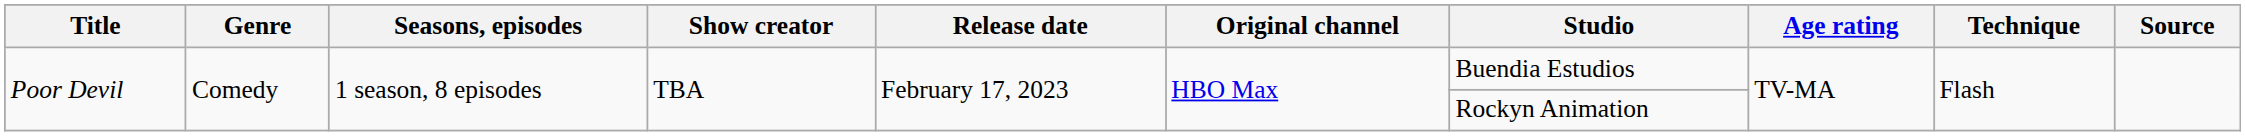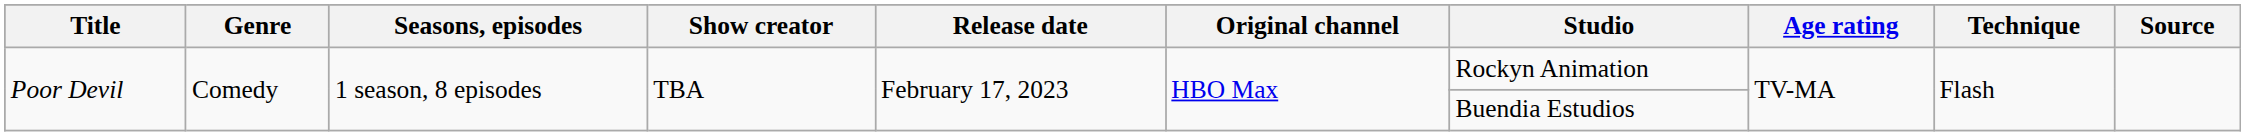 <table class="wikitable sortable" style="text-align: left; font-size:90%; width:100%;">
 <tr>
 <th>Title</th>
 <th>Genre</th>
 <th>Seasons, episodes</th>
 <th>Show creator</th>
 <th>Release date</th>
 <th>Original channel</th>
 <th>Studio</th>
 <th><a href='#'>Age rating</a></th>
 <th>Technique</th>
 <th>Source</th>
 </tr>
 <tr>
 <td rowspan="2"><em>Poor Devil</em></td>
 <td rowspan="2">Comedy</td>
 <td rowspan="2">1 season, 8 episodes</td>
 <td rowspan="2">TBA</td>
 <td rowspan="2">February 17, 2023</td>
 <td rowspan="2"><a href='#'>HBO Max</a></td>
-<td>Buendia Estudios</td>
+<td>Rockyn Animation</td>
 <td rowspan="2">TV-MA</td>
 <td rowspan="2">Flash</td>
 <td rowspan="2"></td>
 </tr>
 <tr>
-<td>Rockyn Animation</td>
+<td>Buendia Estudios</td>
 </tr>
 </table>
